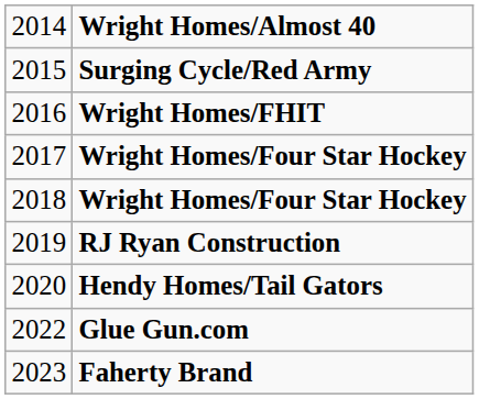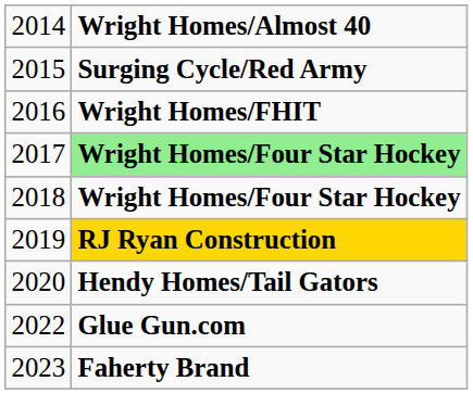 <table class="wikitable">
 <tr>
 <td>2014</td>
 <td><strong>Wright Homes/Almost 40</strong></td>
 </tr>
 <tr>
 <td>2015</td>
 <td><strong>Surging Cycle/Red Army</strong></td>
 </tr>
 <tr>
 <td>2016</td>
 <td><strong>Wright Homes/FHIT</strong></td>
 </tr>
 <tr>
 <td>2017</td>
-<td><strong>Wright Homes/Four Star Hockey</strong></td>
+<td style="background: lightgreen;"><strong>Wright Homes/Four Star Hockey</strong></td>
 </tr>
 <tr>
 <td>2018</td>
 <td><strong>Wright Homes/Four Star Hockey</strong></td>
 </tr>
 <tr>
 <td>2019</td>
-<td><strong>RJ Ryan Construction</strong></td>
+<td style="background: gold;"><strong>RJ Ryan Construction</strong></td>
 </tr>
 <tr>
 <td>2020</td>
 <td><strong>Hendy Homes/Tail Gators</strong></td>
 </tr>
 <tr>
 <td>2022</td>
 <td><strong>Glue Gun.com</strong></td>
 </tr>
 <tr>
 <td>2023</td>
 <td><strong>Faherty Brand</strong></td>
 </tr>
 </table>
